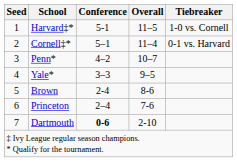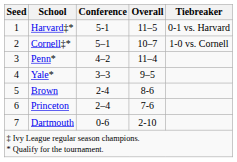 <table class="wikitable" style="text-align:center">
 <tr>
 <th>Seed</th>
 <th>School</th>
 <th>Conference</th>
 <th>Overall</th>
 <th>Tiebreaker</th>
 </tr>
 <tr>
 <td>1</td>
 <td align=left><a href='#'>Harvard</a>‡*</td>
 <td>5-1</td>
 <td>11–5</td>
-<td>1-0 vs. Cornell</td>
+<td>0-1 vs. Harvard</td>
 </tr>
 <tr>
 <td>2</td>
 <td align=left><a href='#'>Cornell</a>‡*</td>
 <td>5–1</td>
-<td>11–4</td>
-<td>0-1 vs. Harvard</td>
+<td>10–7</td>
+<td>1-0 vs. Cornell</td>
 </tr>
 <tr>
 <td>3</td>
 <td align=left><a href='#'>Penn</a>*</td>
 <td>4–2</td>
-<td>10–7</td>
+<td>11–4</td>
 <td></td>
 </tr>
 <tr>
 <td>4</td>
 <td align=left><a href='#'>Yale</a>*</td>
 <td>3–3</td>
 <td>9–5</td>
 <td></td>
 </tr>
 <tr>
 <td>5</td>
 <td align=left><a href='#'>Brown</a></td>
 <td>2-4</td>
 <td>8-6</td>
 <td></td>
 </tr>
 <tr>
 <td>6</td>
 <td align=left><a href='#'>Princeton</a></td>
 <td>2–4</td>
 <td>7-6</td>
 <td></td>
 </tr>
 <tr>
 <td>7</td>
 <td align=left><a href='#'>Dartmouth</a></td>
-<td><strong>0-6</strong></td>
+<td>0-6</td>
 <td>2-10</td>
 <td></td>
 </tr>
 <tr>
 <td colspan=8 align=left><small>‡ Ivy League regular season champions.<br>* Qualify for the tournament.<br></small></td>
 </tr>
 </table>
